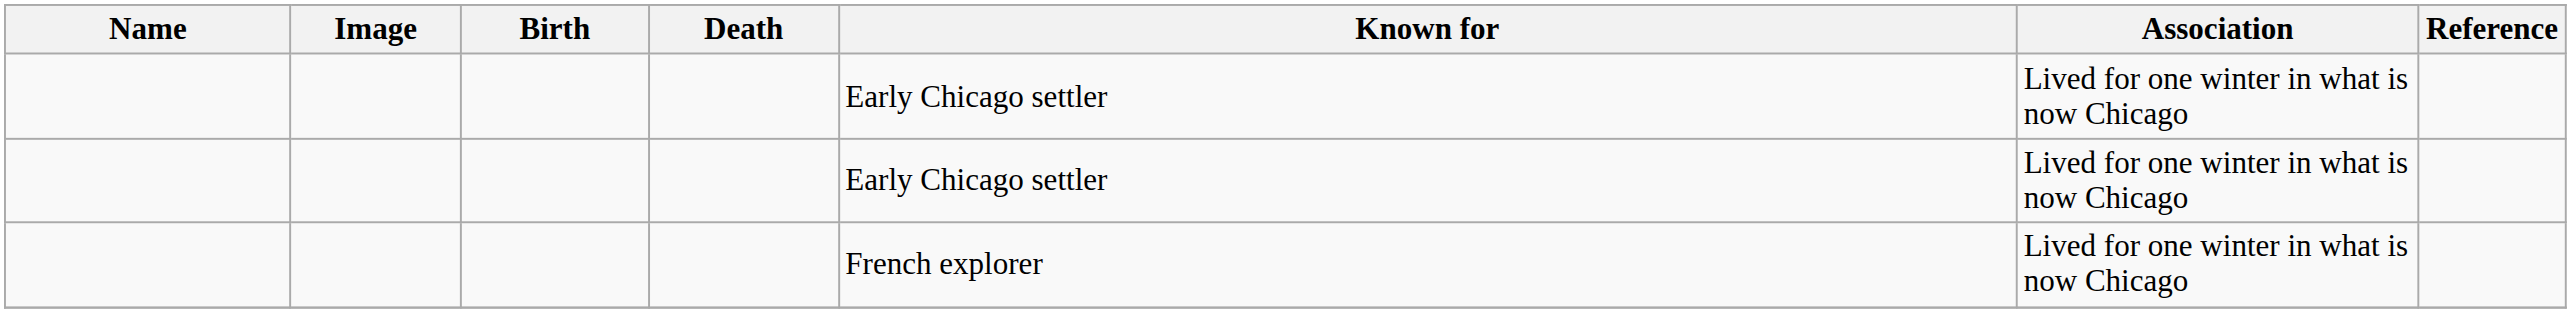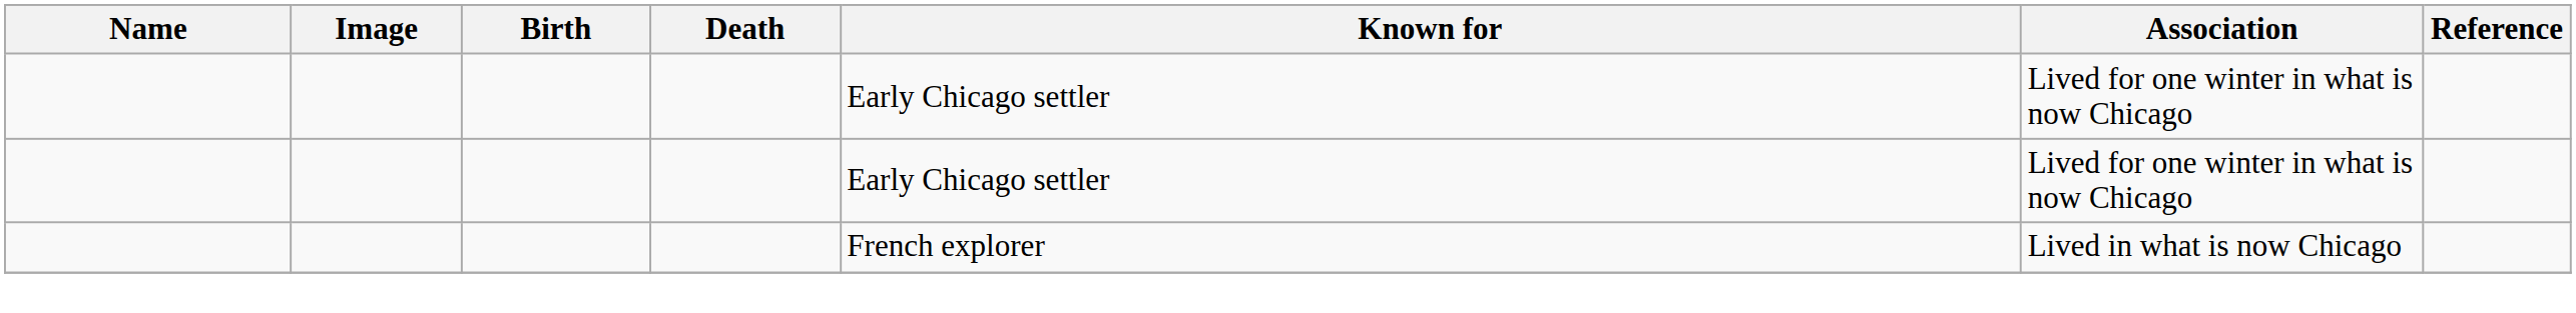 <table class="wikitable sortable">
 <tr>
 <th scope="col" width="140">Name</th>
 <th scope="col" width="80" class="unsortable">Image</th>
 <th scope="col" width="90">Birth</th>
 <th scope="col" width="90">Death</th>
 <th scope="col" width="600" class="unsortable">Known for</th>
 <th scope="col" width="200" class="unsortable">Association</th>
 <th scope="col" width="30" class="unsortable">Reference</th>
 </tr>
 <tr>
 <td></td>
 <td></td>
 <td align=right></td>
 <td align=right></td>
 <td>Early Chicago settler</td>
 <td>Lived for one winter in what is now Chicago</td>
 <td align="center"></td>
 </tr>
 <tr>
 <td></td>
 <td></td>
 <td align=right></td>
 <td align=right></td>
 <td>Early Chicago settler</td>
 <td>Lived for one winter in what is now Chicago</td>
 <td align="center"></td>
 </tr>
 <tr>
 <td></td>
 <td></td>
 <td></td>
 <td align=right></td>
 <td>French explorer</td>
-<td>Lived for one winter in what is now Chicago</td>
+<td>Lived in what is now Chicago</td>
 <td align="center"></td>
 </tr>
 <tr>
 </tr>
 </table>
